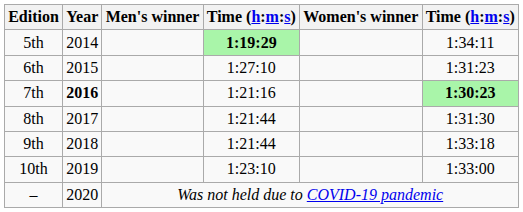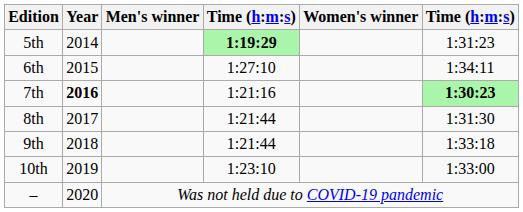 <table class="wikitable sortable" style="text-align:center">
 <tr>
 <th class=unsortable>Edition</th>
 <th>Year</th>
 <th class=unsortable>Men's winner</th>
 <th>Time (<a href='#'>h</a>:<a href='#'>m</a>:<a href='#'>s</a>)</th>
 <th class=unsortable>Women's winner</th>
 <th>Time (<a href='#'>h</a>:<a href='#'>m</a>:<a href='#'>s</a>)</th>
 </tr>
 <tr>
 <td>5th</td>
 <td>2014</td>
 <td align=left></td>
 <td bgcolor=#A9F5A9><strong>1:19:29</strong></td>
 <td align=left></td>
-<td>1:34:11</td>
+<td>1:31:23</td>
 </tr>
 <tr>
 <td>6th</td>
 <td>2015</td>
 <td align=left></td>
 <td>1:27:10</td>
 <td align=left></td>
-<td>1:31:23</td>
+<td>1:34:11</td>
 </tr>
 <tr>
 <td>7th</td>
 <td><strong>2016</strong></td>
 <td align=left></td>
 <td>1:21:16</td>
 <td align=left></td>
 <td bgcolor=#A9F5A9><strong>1:30:23</strong></td>
 </tr>
 <tr>
 <td>8th</td>
 <td>2017</td>
 <td align=left></td>
 <td>1:21:44</td>
 <td align=left></td>
 <td>1:31:30</td>
 </tr>
 <tr>
 <td>9th</td>
 <td>2018</td>
 <td align=left></td>
 <td>1:21:44</td>
 <td align=left></td>
 <td>1:33:18</td>
 </tr>
 <tr>
 <td>10th</td>
 <td>2019</td>
 <td align=left></td>
 <td>1:23:10</td>
 <td align=left></td>
 <td>1:33:00</td>
 </tr>
 <tr>
 <td>–</td>
 <td>2020</td>
 <td align=center colspan=4><em>Was not held due to <a href='#'>COVID-19 pandemic</a></em></td>
 </tr>
 </table>
